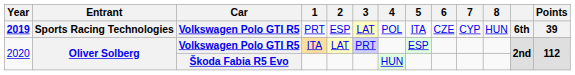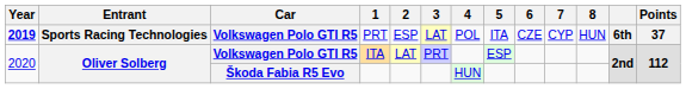 <table class="wikitable" style="text-align:center; font-size:90%">
 <tr>
 <th>Year</th>
 <th>Entrant</th>
 <th>Car</th>
 <th>1</th>
 <th>2</th>
 <th>3</th>
 <th>4</th>
 <th>5</th>
 <th>6</th>
 <th>7</th>
 <th>8</th>
 <th></th>
 <th>Points</th>
 </tr>
 <tr>
 <td><strong><a href='#'>2019</a></strong></td>
 <th>Sports Racing Technologies</th>
 <th><a href='#'>Volkswagen Polo GTI R5</a></th>
 <td><a href='#'>PRT</a></td>
 <td><a href='#'>ESP</a></td>
 <td style="background:#ffffbf"><a href='#'>LAT</a><br></td>
 <td><a href='#'>POL</a></td>
 <td><a href='#'>ITA</a></td>
 <td><a href='#'>CZE</a></td>
 <td><a href='#'>CYP</a></td>
 <td><a href='#'>HUN</a></td>
 <th>6th</th>
-<th>39</th>
+<th>37</th>
 </tr>
 <tr>
 <td rowspan="2"><a href='#'>2020</a></td>
 <th rowspan="2"><a href='#'>Oliver Solberg</a></th>
 <th><a href='#'>Volkswagen Polo GTI R5</a></th>
 <td style="background:#FFDF9F;"><a href='#'>ITA</a><br></td>
 <td style="background:#ffffbf;"><a href='#'>LAT</a><br></td>
 <td style="background:#CFCFFF"><a href='#'>PRT</a><br></td>
 <td></td>
 <td style="background:#DFFFDF;"><a href='#'>ESP</a><br></td>
 <td></td>
 <td></td>
 <td></td>
 <th rowspan="2" style="background:#DFDFDF;">2nd</th>
 <th rowspan="2" style="background:#DFDFDF;">112</th>
 </tr>
 <tr>
 <th><a href='#'>Škoda Fabia R5 Evo</a></th>
 <td></td>
 <td></td>
 <td></td>
 <td style="background:#DFFFDF;"><a href='#'>HUN</a><br></td>
 <td></td>
 <td></td>
 <td></td>
 <td></td>
 </tr>
 </table>
